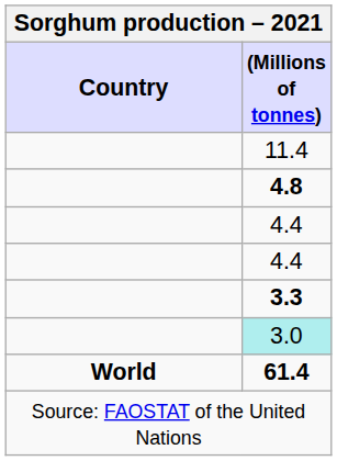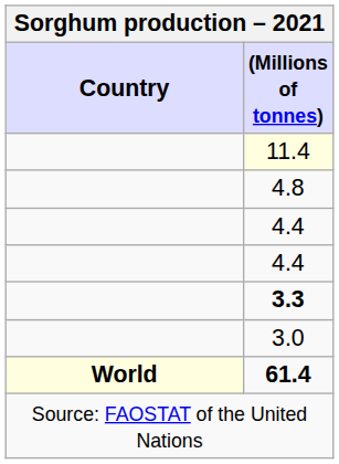 <table class="wikitable" style="float:right; clear:left; width:14em; text-align:center;">
 <tr>
 <th colspan=2>Sorghum production – 2021</th>
 </tr>
 <tr>
 <th style="background:#ddf; width:75%;">Country</th>
 <th style="background:#ddf; width:25%;"><small>(Millions of <a href='#'>tonnes</a>)</small></th>
 </tr>
 <tr>
 <td></td>
-<td>11.4</td>
+<td style="background: lightyellow;">11.4</td>
 </tr>
 <tr>
 <td></td>
-<td><strong>4.8</strong></td>
+<td>4.8</td>
 </tr>
 <tr>
 <td></td>
 <td>4.4</td>
 </tr>
 <tr>
 <td></td>
 <td>4.4</td>
 </tr>
 <tr>
 <td></td>
 <td><strong>3.3</strong></td>
 </tr>
 <tr>
 <td></td>
-<td style="background: paleturquoise;">3.0</td>
+<td>3.0</td>
 </tr>
 <tr>
-<td><strong>World</strong></td>
+<td style="background: lightyellow;"><strong>World</strong></td>
 <td><strong>61.4</strong></td>
 </tr>
 <tr>
 <td colspan=2><small>Source: <a href='#'>FAOSTAT</a> of the United Nations</small></td>
 </tr>
 </table>
